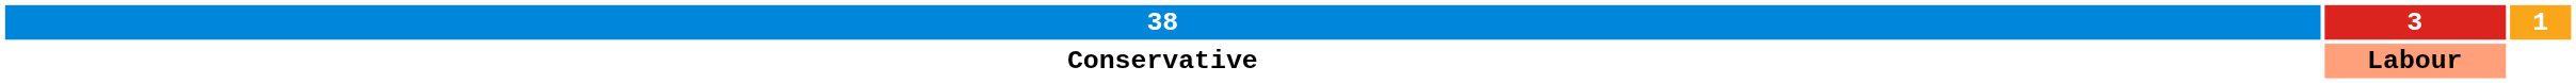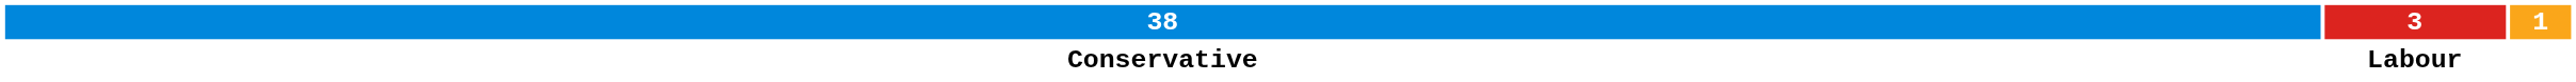 <table style="width:100%; text-align:center;">
 <tr style="color:white;">
 <td style="background:#0087dc; width:90.5%;"><strong>38</strong></td>
 <td style="background:#dc241f; width:7.1%"><strong>3</strong></td>
 <td style="background:#faa61a; width:2.4%"><strong>1</strong></td>
 </tr>
 <tr>
 <td><span><strong>Conservative</strong></span></td>
-<td style="background: lightsalmon;"><span><strong>Labour</strong></span></td>
+<td><span><strong>Labour</strong></span></td>
 </tr>
 </table>
